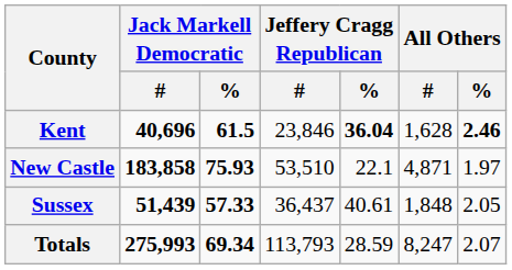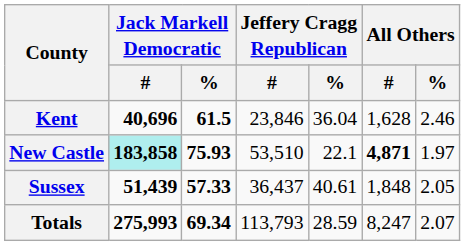 <table class="wikitable sortable" style="text-align:right;font-size:90%;line-height:1.3">
 <tr>
 <th rowspan="2">County</th>
 <th colspan="2"><a href='#'>Jack Markell</a><br><a href='#'>Democratic</a></th>
 <th colspan="2">Jeffery Cragg<br><a href='#'>Republican</a></th>
 <th colspan="2">All Others</th>
 </tr>
 <tr>
 <th data-sort-type="number">#</th>
 <th data-sort-type="number">%</th>
 <th data-sort-type="number">#</th>
 <th data-sort-type="number">%</th>
 <th data-sort-type="number">#</th>
 <th data-sort-type="number">%</th>
 </tr>
 <tr>
 <th><a href='#'>Kent</a></th>
 <td><strong>40,696</strong></td>
 <td><strong>61.5</strong></td>
 <td>23,846</td>
-<td><strong>36.04</strong></td>
+<td>36.04</td>
 <td>1,628</td>
-<td><strong>2.46</strong></td>
+<td>2.46</td>
 </tr>
 <tr>
 <th><a href='#'>New Castle</a></th>
-<td><strong>183,858</strong></td>
+<td style="background: paleturquoise;"><strong>183,858</strong></td>
 <td><strong>75.93</strong></td>
 <td>53,510</td>
 <td>22.1</td>
-<td>4,871</td>
+<td><strong>4,871</strong></td>
 <td>1.97</td>
 </tr>
 <tr>
 <th><a href='#'>Sussex</a></th>
 <td><strong>51,439</strong></td>
 <td><strong>57.33</strong></td>
 <td>36,437</td>
 <td>40.61</td>
 <td>1,848</td>
 <td>2.05</td>
 </tr>
 <tr class="sortbottom">
 <th>Totals</th>
 <td><strong>275,993</strong></td>
 <td><strong>69.34</strong></td>
 <td>113,793</td>
 <td>28.59</td>
 <td>8,247</td>
 <td>2.07</td>
 </tr>
 </table>
